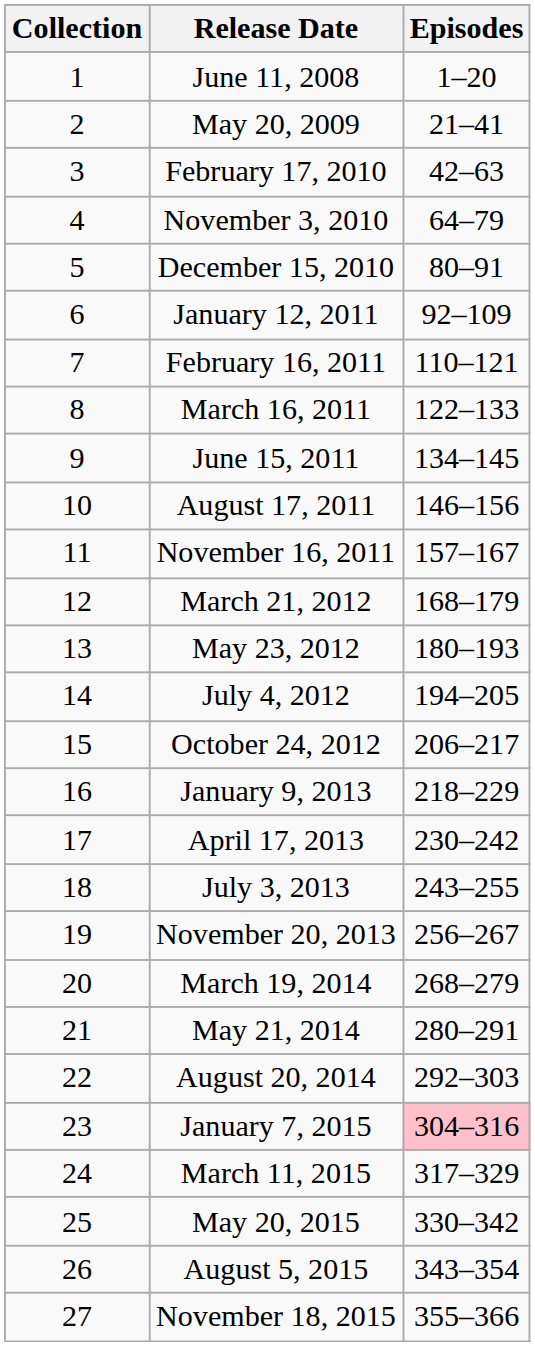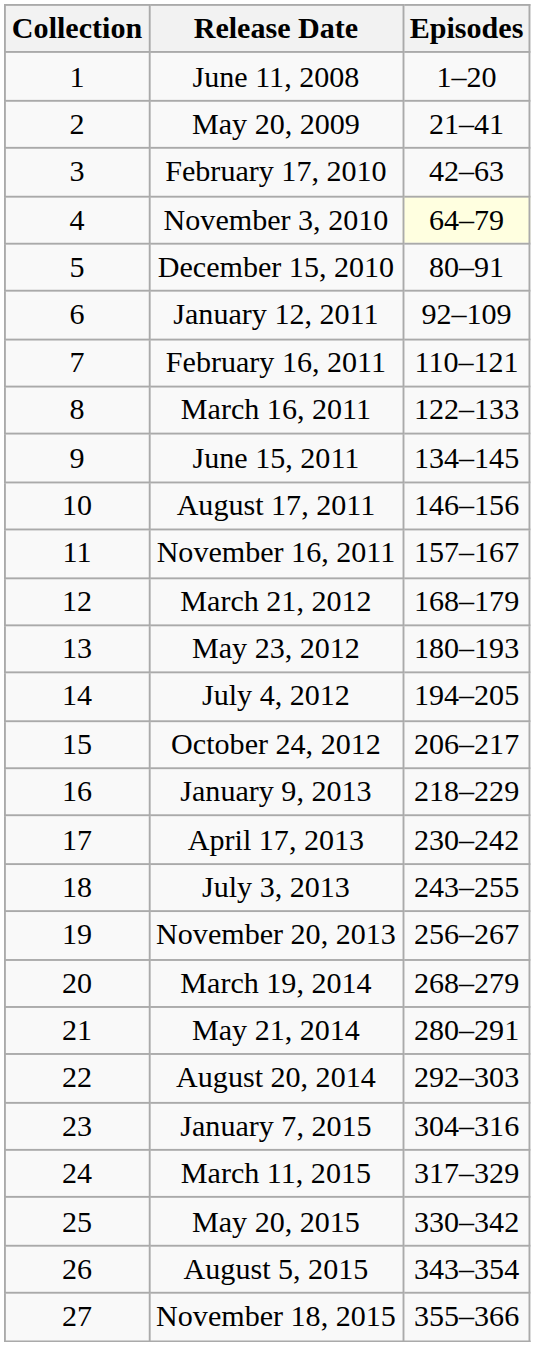 <table class="wikitable" style="text-align:center;">
 <tr>
 <th>Collection</th>
 <th>Release Date</th>
 <th>Episodes</th>
 </tr>
 <tr>
 <td>1</td>
 <td>June 11, 2008</td>
 <td>1–20</td>
 </tr>
 <tr>
 <td>2</td>
 <td>May 20, 2009</td>
 <td>21–41</td>
 </tr>
 <tr>
 <td>3</td>
 <td>February 17, 2010</td>
 <td>42–63</td>
 </tr>
 <tr>
 <td>4</td>
 <td>November 3, 2010</td>
-<td>64–79</td>
+<td style="background: lightyellow;">64–79</td>
 </tr>
 <tr>
 <td>5</td>
 <td>December 15, 2010</td>
 <td>80–91</td>
 </tr>
 <tr>
 <td>6</td>
 <td>January 12, 2011</td>
 <td>92–109</td>
 </tr>
 <tr>
 <td>7</td>
 <td>February 16, 2011</td>
 <td>110–121</td>
 </tr>
 <tr>
 <td>8</td>
 <td>March 16, 2011</td>
 <td>122–133</td>
 </tr>
 <tr>
 <td>9</td>
 <td>June 15, 2011</td>
 <td>134–145</td>
 </tr>
 <tr>
 <td>10</td>
 <td>August 17, 2011</td>
 <td>146–156</td>
 </tr>
 <tr>
 <td>11</td>
 <td>November 16, 2011</td>
 <td>157–167</td>
 </tr>
 <tr>
 <td>12</td>
 <td>March 21, 2012</td>
 <td>168–179</td>
 </tr>
 <tr>
 <td>13</td>
 <td>May 23, 2012</td>
 <td>180–193</td>
 </tr>
 <tr>
 <td>14</td>
 <td>July 4, 2012</td>
 <td>194–205</td>
 </tr>
 <tr>
 <td>15</td>
 <td>October 24, 2012</td>
 <td>206–217</td>
 </tr>
 <tr>
 <td>16</td>
 <td>January 9, 2013</td>
 <td>218–229</td>
 </tr>
 <tr>
 <td>17</td>
 <td>April 17, 2013</td>
 <td>230–242</td>
 </tr>
 <tr>
 <td>18</td>
 <td>July 3, 2013</td>
 <td>243–255</td>
 </tr>
 <tr>
 <td>19</td>
 <td>November 20, 2013</td>
 <td>256–267</td>
 </tr>
 <tr>
 <td>20</td>
 <td>March 19, 2014</td>
 <td>268–279</td>
 </tr>
 <tr>
 <td>21</td>
 <td>May 21, 2014</td>
 <td>280–291</td>
 </tr>
 <tr>
 <td>22</td>
 <td>August 20, 2014</td>
 <td>292–303</td>
 </tr>
 <tr>
 <td>23</td>
 <td>January 7, 2015</td>
-<td style="background: pink;">304–316</td>
+<td>304–316</td>
 </tr>
 <tr>
 <td>24</td>
 <td>March 11, 2015</td>
 <td>317–329</td>
 </tr>
 <tr>
 <td>25</td>
 <td>May 20, 2015</td>
 <td>330–342</td>
 </tr>
 <tr>
 <td>26</td>
 <td>August 5, 2015</td>
 <td>343–354</td>
 </tr>
 <tr>
 <td>27</td>
 <td>November 18, 2015</td>
 <td>355–366</td>
 </tr>
 <tr>
 </tr>
 </table>
